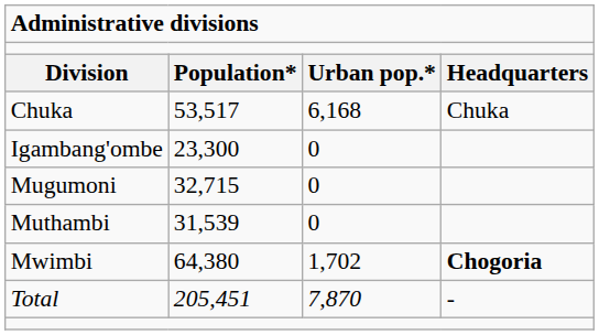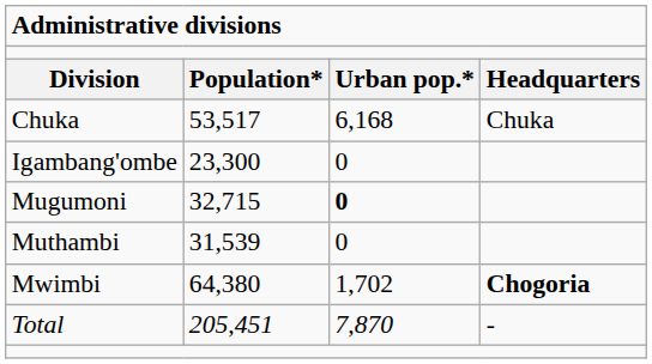 <table class="wikitable">
 <tr>
 <td colspan="4"><strong>Administrative divisions</strong></td>
 </tr>
 <tr>
 <td colspan="4"></td>
 </tr>
 <tr>
 <th>Division</th>
 <th>Population*</th>
 <th>Urban pop.*</th>
 <th>Headquarters</th>
 </tr>
 <tr>
 <td>Chuka</td>
 <td>53,517</td>
 <td>6,168</td>
 <td>Chuka</td>
 </tr>
 <tr>
 <td>Igambang'ombe</td>
 <td>23,300</td>
 <td>0</td>
 <td></td>
 </tr>
 <tr>
 <td>Mugumoni</td>
 <td>32,715</td>
-<td>0</td>
+<td><strong>0</strong></td>
 <td></td>
 </tr>
 <tr>
 <td>Muthambi</td>
 <td>31,539</td>
 <td>0</td>
 <td></td>
 </tr>
 <tr>
 <td>Mwimbi</td>
 <td>64,380</td>
 <td>1,702</td>
 <td><strong>Chogoria</strong></td>
 </tr>
 <tr>
 <td><em>Total</em></td>
 <td><em>205,451</em></td>
 <td><em>7,870</em></td>
 <td>-</td>
 </tr>
 <tr>
 <td colspan="4"></td>
 </tr>
 </table>
